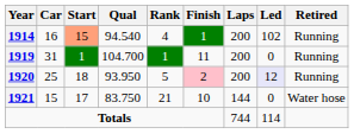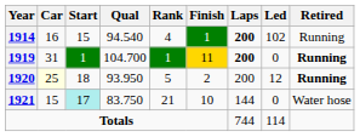 <table class="wikitable" style="text-align:center">
 <tr>
 <th>Year</th>
 <th>Car</th>
 <th>Start</th>
 <th>Qual</th>
 <th>Rank</th>
 <th>Finish</th>
 <th>Laps</th>
 <th>Led</th>
 <th>Retired</th>
 </tr>
 <tr>
 <th><a href='#'>1914</a></th>
 <td>16</td>
-<td style="background: lightsalmon;">15</td>
+<td>15</td>
 <td>94.540</td>
 <td>4</td>
 <td style="background:green;color:white">1</td>
-<td>200</td>
+<td><strong>200</strong></td>
 <td>102</td>
 <td>Running</td>
 </tr>
 <tr>
 <th><a href='#'>1919</a></th>
 <td>31</td>
 <td style="background:green;color:white">1</td>
 <td>104.700</td>
 <td style="background:green;color:white">1</td>
-<td>11</td>
-<td>200</td>
+<td style="background: gold;">11</td>
+<td><strong>200</strong></td>
 <td>0</td>
-<td>Running</td>
+<td><strong>Running</strong></td>
 </tr>
 <tr>
 <th><a href='#'>1920</a></th>
-<td>25</td>
+<td style="background: lightyellow;">25</td>
 <td>18</td>
 <td>93.950</td>
 <td>5</td>
-<td style="background: pink;">2</td>
+<td>2</td>
 <td>200</td>
-<td style="background: lavender;">12</td>
-<td>Running</td>
+<td>12</td>
+<td><strong>Running</strong></td>
 </tr>
 <tr>
 <th><a href='#'>1921</a></th>
 <td>15</td>
-<td>17</td>
+<td style="background: paleturquoise;">17</td>
 <td>83.750</td>
 <td>21</td>
 <td>10</td>
 <td>144</td>
 <td>0</td>
 <td>Water hose</td>
 </tr>
 <tr>
 <td colspan=6><strong>Totals</strong></td>
 <td>744</td>
 <td>114</td>
 <td></td>
 </tr>
 </table>
